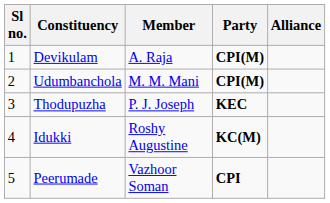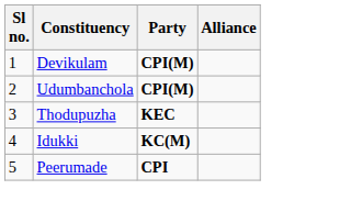 <table class="wikitable sortable" style="font-size:95%;">
 <tr>
 <th width="20px">Sl no.</th>
 <th width="75px">Constituency</th>
-<th width="85px">Member</th>
 <th width="35px">Party</th>
 <th width="35px">Alliance</th>
 </tr>
 <tr>
 <td>1</td>
 <td><a href='#'>Devikulam</a></td>
-<td><a href='#'>A. Raja</a></td>
 <td style="background:"><strong>CPI(M)</strong></td>
 <td></td>
 </tr>
 <tr>
 <td>2</td>
 <td><a href='#'>Udumbanchola</a></td>
-<td><a href='#'>M. M. Mani</a></td>
 <td style="background:"><strong>CPI(M)</strong></td>
 <td></td>
 </tr>
 <tr>
 <td>3</td>
 <td><a href='#'>Thodupuzha</a></td>
-<td><a href='#'>P. J. Joseph</a></td>
 <td style="background:"><strong>KEC</strong></td>
 <td></td>
 </tr>
 <tr>
 <td>4</td>
 <td><a href='#'>Idukki</a></td>
-<td><a href='#'>Roshy Augustine</a></td>
 <td style="background:"><strong>KC(M)</strong></td>
 <td></td>
 </tr>
 <tr>
 <td>5</td>
 <td><a href='#'>Peerumade</a></td>
-<td><a href='#'>Vazhoor Soman</a></td>
 <td style="background:"><strong>CPI</strong></td>
 <td></td>
 </tr>
 </table>
